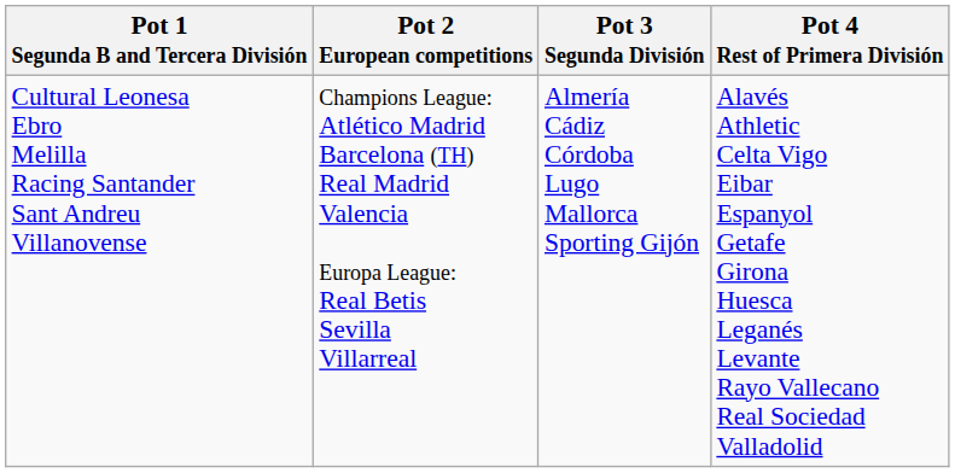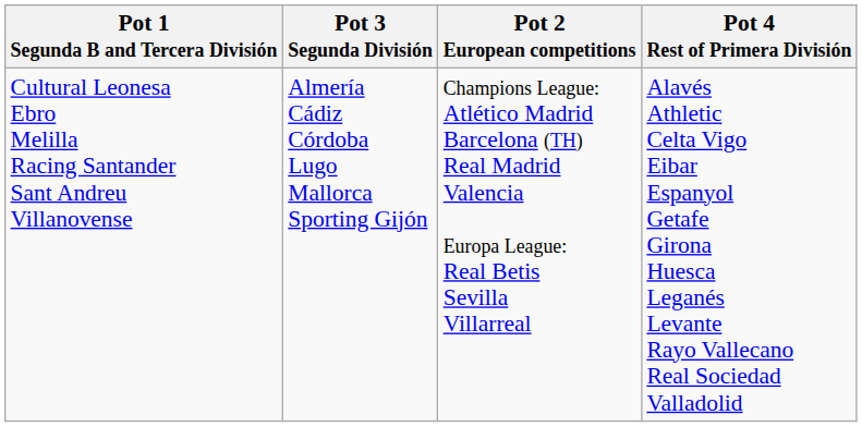 <table class="wikitable">
 <tr>
 <th>Pot 1<br><small>Segunda B and Tercera División</small></th>
+<th>Pot 3<br><small>Segunda División</small></th>
 <th>Pot 2<br><small>European competitions</small></th>
-<th>Pot 3<br><small>Segunda División</small></th>
 <th>Pot 4<br><small>Rest of Primera División</small></th>
 </tr>
 <tr>
 <td valign=top><a href='#'>Cultural Leonesa</a><br><a href='#'>Ebro</a><br><a href='#'>Melilla</a><br><a href='#'>Racing Santander</a><br><a href='#'>Sant Andreu</a><br><a href='#'>Villanovense</a><br></td>
+<td valign=top><a href='#'>Almería</a><br><a href='#'>Cádiz</a><br><a href='#'>Córdoba</a><br><a href='#'>Lugo</a><br><a href='#'>Mallorca</a><br><a href='#'>Sporting Gijón</a></td>
 <td valign=top><small>Champions League:</small><br><a href='#'>Atlético Madrid</a><br><a href='#'>Barcelona</a> <small>(<a href='#'>TH</a>)</small><br><a href='#'>Real Madrid</a> <br><a href='#'>Valencia</a><br><br><small>Europa League:</small><br><a href='#'>Real Betis</a><br><a href='#'>Sevilla</a><br><a href='#'>Villarreal</a></td>
-<td valign=top><a href='#'>Almería</a><br><a href='#'>Cádiz</a><br><a href='#'>Córdoba</a><br><a href='#'>Lugo</a><br><a href='#'>Mallorca</a><br><a href='#'>Sporting Gijón</a></td>
 <td valign=top><a href='#'>Alavés</a><br><a href='#'>Athletic</a><br><a href='#'>Celta Vigo</a><br><a href='#'>Eibar</a><br><a href='#'>Espanyol</a><br><a href='#'>Getafe</a><br><a href='#'>Girona</a><br><a href='#'>Huesca</a><br><a href='#'>Leganés</a><br><a href='#'>Levante</a><br><a href='#'>Rayo Vallecano</a><br><a href='#'>Real Sociedad</a><br><a href='#'>Valladolid</a></td>
 </tr>
 </table>
